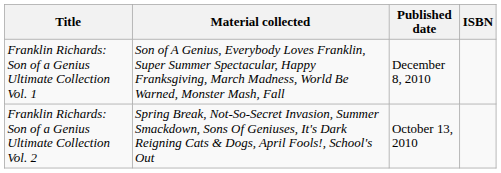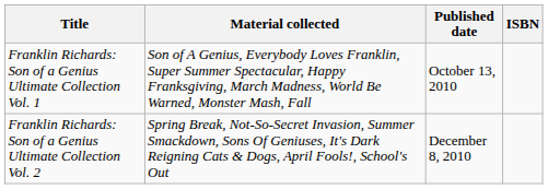 <table class="wikitable">
 <tr>
 <th>Title</th>
 <th>Material collected</th>
 <th>Published date</th>
 <th>ISBN</th>
 </tr>
 <tr>
 <td><em>Franklin Richards: Son of a Genius Ultimate Collection Vol. 1</em></td>
 <td><em>Son of A Genius, Everybody Loves Franklin, Super Summer Spectacular, Happy Franksgiving, March Madness, World Be Warned, Monster Mash, Fall</em></td>
-<td>December 8, 2010</td>
+<td>October 13, 2010</td>
 <td></td>
 </tr>
 <tr>
 <td><em>Franklin Richards: Son of a Genius Ultimate Collection Vol. 2</em></td>
 <td><em>Spring Break, Not-So-Secret Invasion, Summer Smackdown, Sons Of Geniuses, It's Dark Reigning Cats & Dogs, April Fools!, School's Out</em></td>
-<td>October 13, 2010</td>
+<td>December 8, 2010</td>
 <td></td>
 </tr>
 </table>
